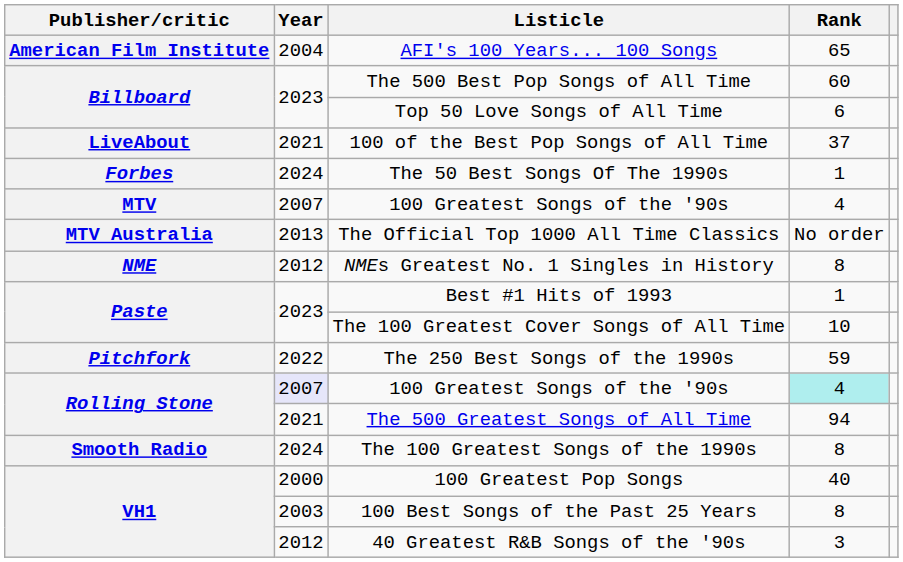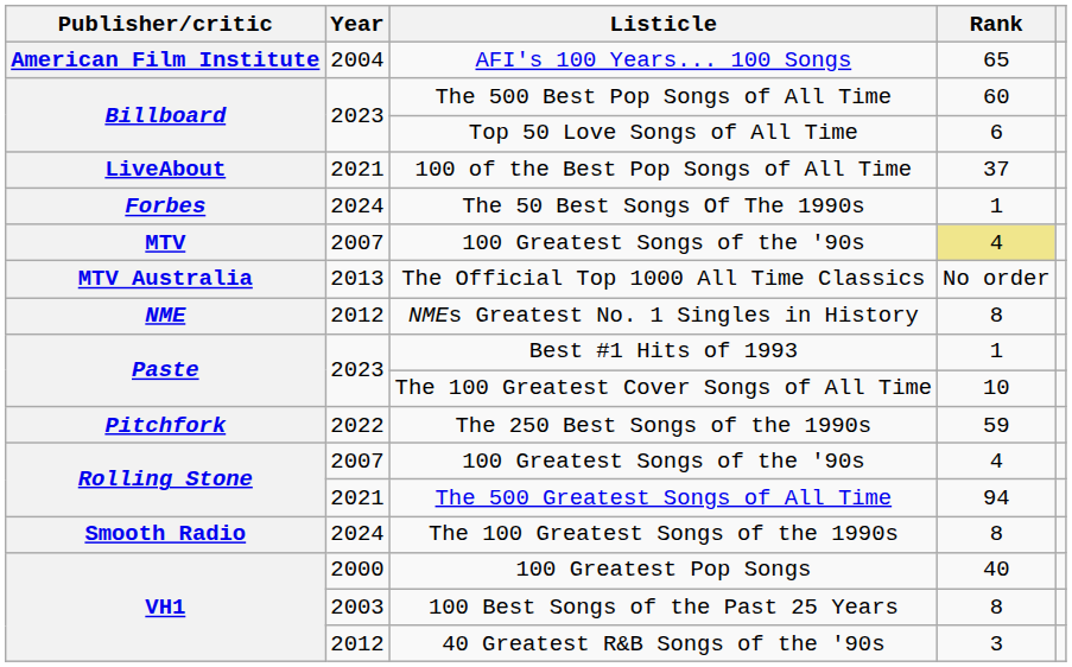 <table class="wikitable plainrowheaders sortable" style="text-align:center">
 <tr>
 <th scope="col">Publisher/critic</th>
 <th scope="col">Year</th>
 <th scope="col">Listicle</th>
 <th scope="col">Rank</th>
 <th class="unsortable"></th>
 </tr>
 <tr>
 <th scope="row"><a href='#'>American Film Institute</a></th>
 <td>2004</td>
 <td><a href='#'>AFI's 100 Years... 100 Songs</a></td>
 <td>65</td>
 <td></td>
 </tr>
 <tr>
 <th rowspan="2" scope="row"><em><a href='#'>Billboard</a></em></th>
 <td rowspan="2">2023</td>
 <td>The 500 Best Pop Songs of All Time</td>
 <td>60</td>
 <td></td>
 </tr>
 <tr>
 <td>Top 50 Love Songs of All Time</td>
 <td>6</td>
 <td></td>
 </tr>
 <tr>
 <th scope="row"><a href='#'>LiveAbout</a></th>
 <td>2021</td>
 <td>100 of the Best Pop Songs of All Time</td>
 <td>37</td>
 <td></td>
 </tr>
 <tr>
 <th scope="row"><em><a href='#'>Forbes</a></em></th>
 <td>2024</td>
 <td>The 50 Best Songs Of The 1990s</td>
 <td>1</td>
 <td></td>
 </tr>
 <tr>
 <th scope="row"><a href='#'>MTV</a></th>
 <td>2007</td>
 <td>100 Greatest Songs of the '90s</td>
-<td>4</td>
+<td style="background: khaki;">4</td>
 <td></td>
 </tr>
 <tr>
 <th scope="row"><a href='#'>MTV Australia</a></th>
 <td>2013</td>
 <td>The Official Top 1000 All Time Classics</td>
 <td>No order</td>
 <td></td>
 </tr>
 <tr>
 <th scope="row"><em><a href='#'>NME</a></em></th>
 <td>2012</td>
 <td><em>NME</em>s Greatest No. 1 Singles in History</td>
 <td>8</td>
 <td></td>
 </tr>
 <tr>
 <th rowspan="2" scope="row"><em><a href='#'>Paste</a></em></th>
 <td rowspan="2">2023</td>
 <td>Best #1 Hits of 1993</td>
 <td>1</td>
 <td></td>
 </tr>
 <tr>
 <td>The 100 Greatest Cover Songs of All Time</td>
 <td>10</td>
 <td></td>
 </tr>
 <tr>
 <th scope="row"><em><a href='#'>Pitchfork</a></em></th>
 <td>2022</td>
 <td>The 250 Best Songs of the 1990s</td>
 <td>59</td>
 <td></td>
 </tr>
 <tr>
 <th rowspan="2" scope="row"><em><a href='#'>Rolling Stone</a></em></th>
-<td style="background: lavender;">2007</td>
+<td>2007</td>
 <td>100 Greatest Songs of the '90s</td>
-<td style="background: paleturquoise;">4</td>
+<td>4</td>
 <td></td>
 </tr>
 <tr>
 <td>2021</td>
 <td><a href='#'>The 500 Greatest Songs of All Time</a></td>
 <td>94</td>
 <td></td>
 </tr>
 <tr>
 <th scope="row"><a href='#'>Smooth Radio</a></th>
 <td>2024</td>
 <td>The 100 Greatest Songs of the 1990s</td>
 <td>8</td>
 <td></td>
 </tr>
 <tr>
 <th rowspan="3" scope="row"><a href='#'>VH1</a></th>
 <td>2000</td>
 <td>100 Greatest Pop Songs</td>
 <td>40</td>
 <td></td>
 </tr>
 <tr>
 <td>2003</td>
 <td>100 Best Songs of the Past 25 Years</td>
 <td>8</td>
 <td></td>
 </tr>
 <tr>
 <td>2012</td>
 <td>40 Greatest R&B Songs of the '90s</td>
 <td>3</td>
 <td></td>
 </tr>
 </table>
